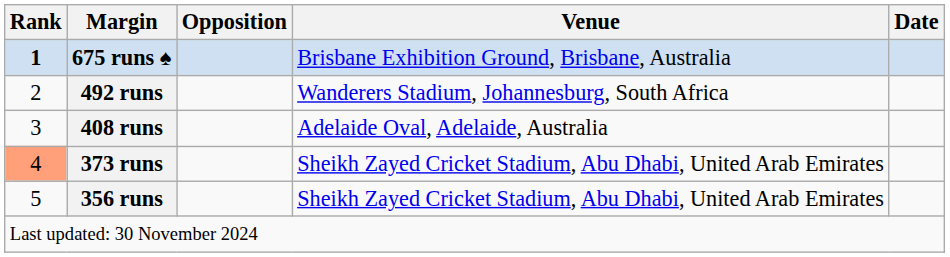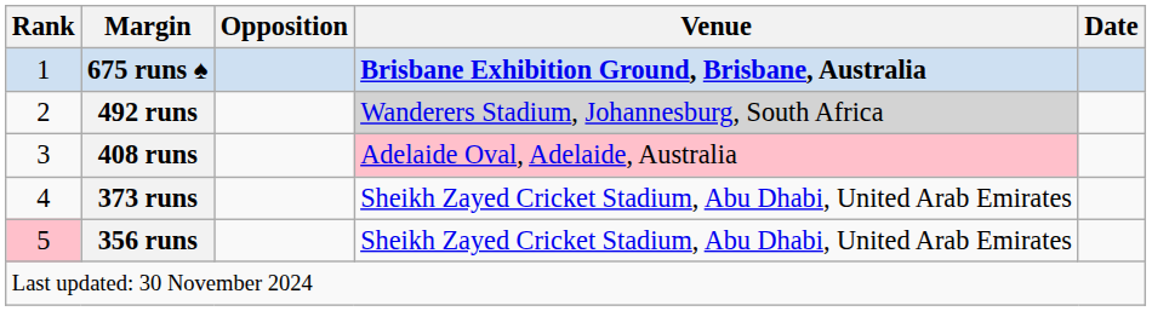 <table class="wikitable plainrowheaders sortable">
 <tr>
 <th scope=col>Rank</th>
 <th scope=col>Margin</th>
 <th scope=col>Opposition</th>
 <th scope=col>Venue</th>
 <th scope=col>Date</th>
 </tr>
 <tr bgcolor=#cee0f2>
-<td align=center><strong>1</strong></td>
+<td align=center>1</td>
 <th scope=row style="background:#cee0f2; text-align:center;">675 runs ♠</th>
 <td></td>
-<td><a href='#'>Brisbane Exhibition Ground</a>, <a href='#'>Brisbane</a>, Australia</td>
+<td><strong><a href='#'>Brisbane Exhibition Ground</a>, <a href='#'>Brisbane</a>, Australia</strong></td>
 <td><a href='#'></a></td>
 </tr>
 <tr>
 <td align=center>2</td>
 <th scope=row style=text-align:center;>492 runs</th>
 <td></td>
-<td><a href='#'>Wanderers Stadium</a>, <a href='#'>Johannesburg</a>, South Africa</td>
+<td style="background: lightgrey;"><a href='#'>Wanderers Stadium</a>, <a href='#'>Johannesburg</a>, South Africa</td>
 <td><a href='#'></a></td>
 </tr>
 <tr>
 <td align=center>3</td>
 <th scope=row style=text-align:center;>408 runs</th>
 <td></td>
-<td><a href='#'>Adelaide Oval</a>, <a href='#'>Adelaide</a>, Australia</td>
+<td style="background: pink;"><a href='#'>Adelaide Oval</a>, <a href='#'>Adelaide</a>, Australia</td>
 <td><a href='#'></a></td>
 </tr>
 <tr>
-<td align=center style="background: lightsalmon;">4</td>
+<td align=center>4</td>
 <th scope=row style=text-align:center;>373 runs</th>
 <td></td>
 <td><a href='#'>Sheikh Zayed Cricket Stadium</a>, <a href='#'>Abu Dhabi</a>, United Arab Emirates</td>
 <td><a href='#'></a></td>
 </tr>
 <tr>
-<td align=center>5</td>
+<td align=center style="background: pink;">5</td>
 <th scope=row style=text-align:center;>356 runs</th>
 <td></td>
 <td><a href='#'>Sheikh Zayed Cricket Stadium</a>, <a href='#'>Abu Dhabi</a>, United Arab Emirates</td>
 <td><a href='#'></a></td>
 </tr>
 <tr class=sortbottom>
 <td colspan=5><small>Last updated: 30 November 2024</small></td>
 </tr>
 </table>
